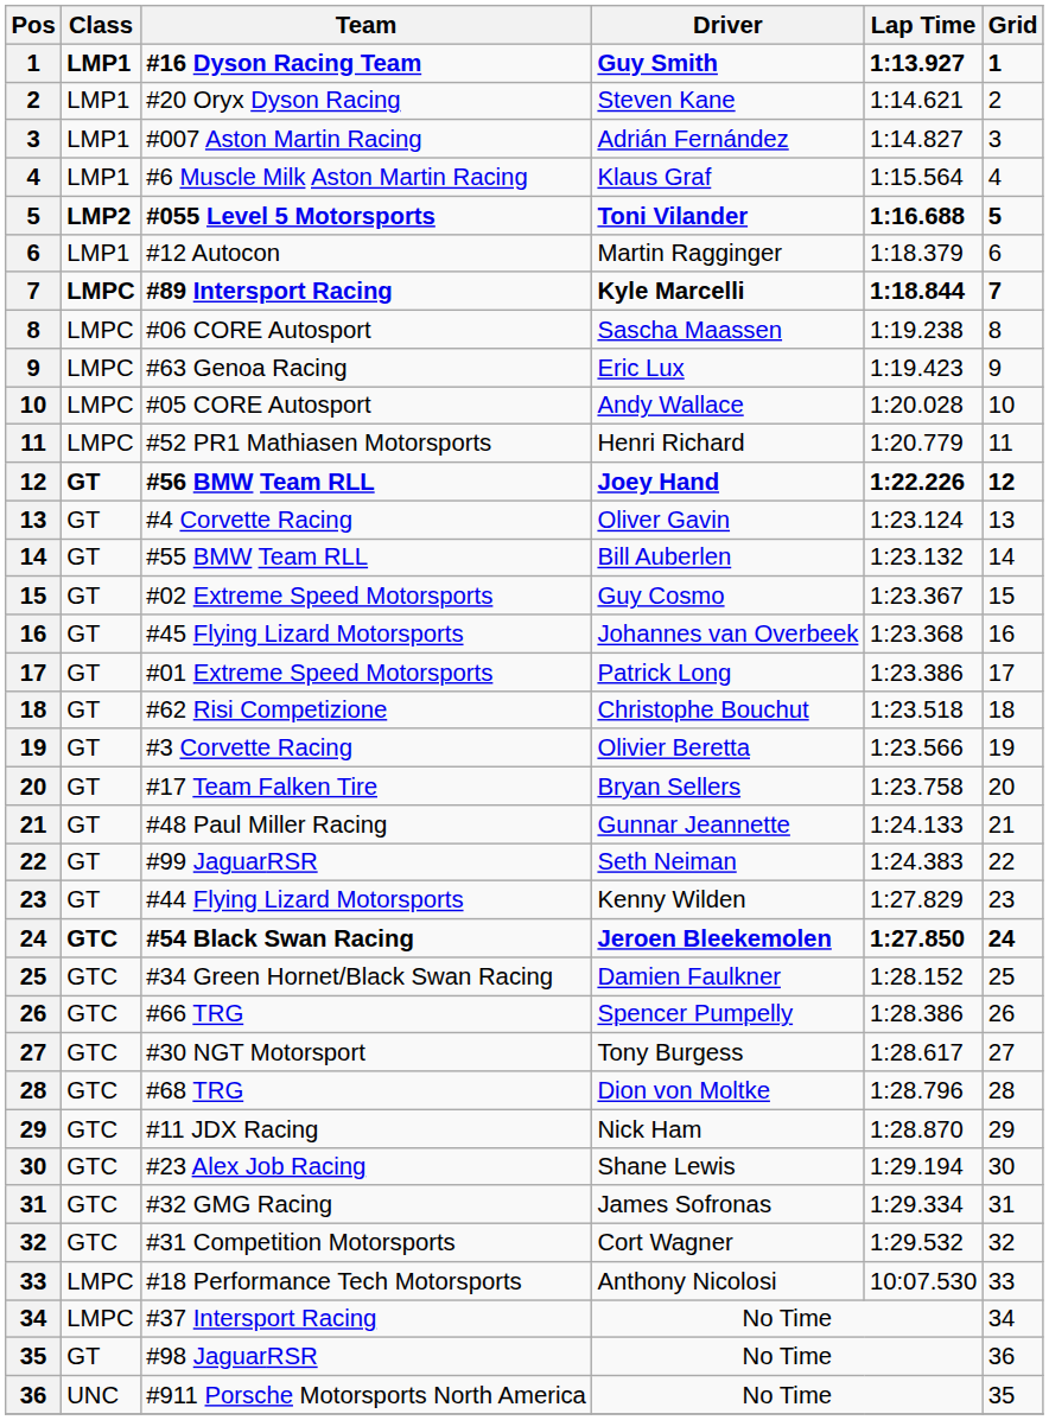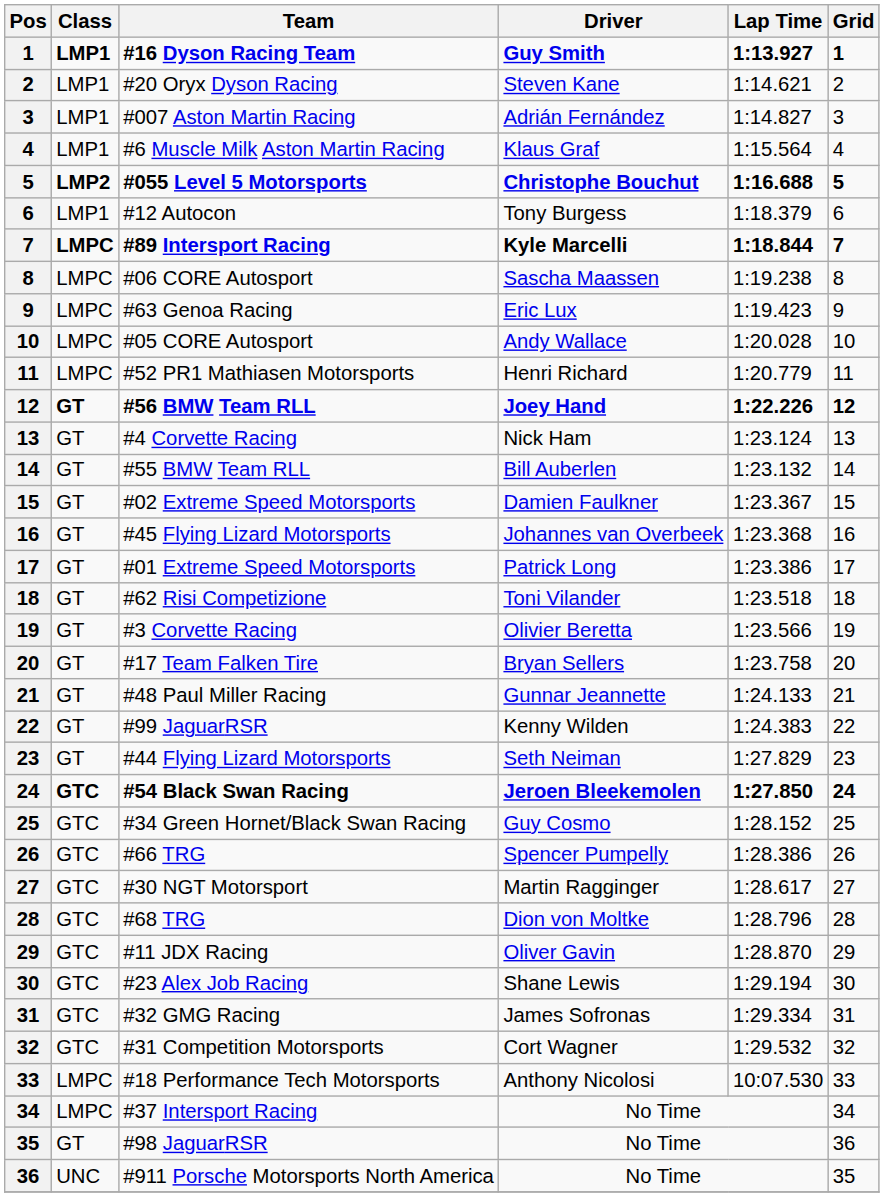 <table class="wikitable" style="font-size: 90%;">
 <tr>
 <th>Pos</th>
 <th>Class</th>
 <th>Team</th>
 <th>Driver</th>
 <th>Lap Time</th>
 <th>Grid</th>
 </tr>
 <tr style="font-weight:bold">
 <th>1</th>
 <td>LMP1</td>
 <td>#16 <a href='#'>Dyson Racing Team</a></td>
 <td><a href='#'>Guy Smith</a></td>
 <td>1:13.927</td>
 <td>1</td>
 </tr>
 <tr>
 <th>2</th>
 <td>LMP1</td>
 <td>#20 Oryx <a href='#'>Dyson Racing</a></td>
 <td><a href='#'>Steven Kane</a></td>
 <td>1:14.621</td>
 <td>2</td>
 </tr>
 <tr>
 <th>3</th>
 <td>LMP1</td>
 <td>#007 <a href='#'>Aston Martin Racing</a></td>
 <td><a href='#'>Adrián Fernández</a></td>
 <td>1:14.827</td>
 <td>3</td>
 </tr>
 <tr>
 <th>4</th>
 <td>LMP1</td>
 <td>#6 <a href='#'>Muscle Milk</a> <a href='#'>Aston Martin Racing</a></td>
 <td><a href='#'>Klaus Graf</a></td>
 <td>1:15.564</td>
 <td>4</td>
 </tr>
 <tr style="font-weight:bold">
 <th>5</th>
 <td>LMP2</td>
 <td>#055 <a href='#'>Level 5 Motorsports</a></td>
-<td><a href='#'>Toni Vilander</a></td>
+<td><a href='#'>Christophe Bouchut</a></td>
 <td>1:16.688</td>
 <td>5</td>
 </tr>
 <tr>
 <th>6</th>
 <td>LMP1</td>
 <td>#12 Autocon</td>
-<td>Martin Ragginger</td>
+<td>Tony Burgess</td>
 <td>1:18.379</td>
 <td>6</td>
 </tr>
 <tr style="font-weight:bold">
 <th>7</th>
 <td>LMPC</td>
 <td>#89 <a href='#'>Intersport Racing</a></td>
 <td>Kyle Marcelli</td>
 <td>1:18.844</td>
 <td>7</td>
 </tr>
 <tr>
 <th>8</th>
 <td>LMPC</td>
 <td>#06 CORE Autosport</td>
 <td><a href='#'>Sascha Maassen</a></td>
 <td>1:19.238</td>
 <td>8</td>
 </tr>
 <tr>
 <th>9</th>
 <td>LMPC</td>
 <td>#63 Genoa Racing</td>
 <td><a href='#'>Eric Lux</a></td>
 <td>1:19.423</td>
 <td>9</td>
 </tr>
 <tr>
 <th>10</th>
 <td>LMPC</td>
 <td>#05 CORE Autosport</td>
 <td><a href='#'>Andy Wallace</a></td>
 <td>1:20.028</td>
 <td>10</td>
 </tr>
 <tr>
 <th>11</th>
 <td>LMPC</td>
 <td>#52 PR1 Mathiasen Motorsports</td>
 <td>Henri Richard</td>
 <td>1:20.779</td>
 <td>11</td>
 </tr>
 <tr style="font-weight:bold">
 <th>12</th>
 <td>GT</td>
 <td>#56 <a href='#'>BMW</a> <a href='#'>Team RLL</a></td>
 <td><a href='#'>Joey Hand</a></td>
 <td>1:22.226</td>
 <td>12</td>
 </tr>
 <tr>
 <th>13</th>
 <td>GT</td>
 <td>#4 <a href='#'>Corvette Racing</a></td>
-<td><a href='#'>Oliver Gavin</a></td>
+<td>Nick Ham</td>
 <td>1:23.124</td>
 <td>13</td>
 </tr>
 <tr>
 <th>14</th>
 <td>GT</td>
 <td>#55 <a href='#'>BMW</a> <a href='#'>Team RLL</a></td>
 <td><a href='#'>Bill Auberlen</a></td>
 <td>1:23.132</td>
 <td>14</td>
 </tr>
 <tr>
 <th>15</th>
 <td>GT</td>
 <td>#02 <a href='#'>Extreme Speed Motorsports</a></td>
-<td><a href='#'>Guy Cosmo</a></td>
+<td><a href='#'>Damien Faulkner</a></td>
 <td>1:23.367</td>
 <td>15</td>
 </tr>
 <tr>
 <th>16</th>
 <td>GT</td>
 <td>#45 <a href='#'>Flying Lizard Motorsports</a></td>
 <td><a href='#'>Johannes van Overbeek</a></td>
 <td>1:23.368</td>
 <td>16</td>
 </tr>
 <tr>
 <th>17</th>
 <td>GT</td>
 <td>#01 <a href='#'>Extreme Speed Motorsports</a></td>
 <td><a href='#'>Patrick Long</a></td>
 <td>1:23.386</td>
 <td>17</td>
 </tr>
 <tr>
 <th>18</th>
 <td>GT</td>
 <td>#62 <a href='#'>Risi Competizione</a></td>
-<td><a href='#'>Christophe Bouchut</a></td>
+<td><a href='#'>Toni Vilander</a></td>
 <td>1:23.518</td>
 <td>18</td>
 </tr>
 <tr>
 <th>19</th>
 <td>GT</td>
 <td>#3 <a href='#'>Corvette Racing</a></td>
 <td><a href='#'>Olivier Beretta</a></td>
 <td>1:23.566</td>
 <td>19</td>
 </tr>
 <tr>
 <th>20</th>
 <td>GT</td>
 <td>#17 <a href='#'>Team Falken Tire</a></td>
 <td><a href='#'>Bryan Sellers</a></td>
 <td>1:23.758</td>
 <td>20</td>
 </tr>
 <tr>
 <th>21</th>
 <td>GT</td>
 <td>#48 Paul Miller Racing</td>
 <td><a href='#'>Gunnar Jeannette</a></td>
 <td>1:24.133</td>
 <td>21</td>
 </tr>
 <tr>
 <th>22</th>
 <td>GT</td>
 <td>#99 <a href='#'>Jaguar</a><a href='#'>RSR</a></td>
-<td><a href='#'>Seth Neiman</a></td>
+<td>Kenny Wilden</td>
 <td>1:24.383</td>
 <td>22</td>
 </tr>
 <tr>
 <th>23</th>
 <td>GT</td>
 <td>#44 <a href='#'>Flying Lizard Motorsports</a></td>
-<td>Kenny Wilden</td>
+<td><a href='#'>Seth Neiman</a></td>
 <td>1:27.829</td>
 <td>23</td>
 </tr>
 <tr style="font-weight:bold">
 <th>24</th>
 <td>GTC</td>
 <td>#54 Black Swan Racing</td>
 <td><a href='#'>Jeroen Bleekemolen</a></td>
 <td>1:27.850</td>
 <td>24</td>
 </tr>
 <tr>
 <th>25</th>
 <td>GTC</td>
 <td>#34 Green Hornet/Black Swan Racing</td>
-<td><a href='#'>Damien Faulkner</a></td>
+<td><a href='#'>Guy Cosmo</a></td>
 <td>1:28.152</td>
 <td>25</td>
 </tr>
 <tr>
 <th>26</th>
 <td>GTC</td>
 <td>#66 <a href='#'>TRG</a></td>
 <td><a href='#'>Spencer Pumpelly</a></td>
 <td>1:28.386</td>
 <td>26</td>
 </tr>
 <tr>
 <th>27</th>
 <td>GTC</td>
 <td>#30 NGT Motorsport</td>
-<td>Tony Burgess</td>
+<td>Martin Ragginger</td>
 <td>1:28.617</td>
 <td>27</td>
 </tr>
 <tr>
 <th>28</th>
 <td>GTC</td>
 <td>#68 <a href='#'>TRG</a></td>
 <td><a href='#'>Dion von Moltke</a></td>
 <td>1:28.796</td>
 <td>28</td>
 </tr>
 <tr>
 <th>29</th>
 <td>GTC</td>
 <td>#11 JDX Racing</td>
-<td>Nick Ham</td>
+<td><a href='#'>Oliver Gavin</a></td>
 <td>1:28.870</td>
 <td>29</td>
 </tr>
 <tr>
 <th>30</th>
 <td>GTC</td>
 <td>#23 <a href='#'>Alex Job Racing</a></td>
 <td>Shane Lewis</td>
 <td>1:29.194</td>
 <td>30</td>
 </tr>
 <tr>
 <th>31</th>
 <td>GTC</td>
 <td>#32 GMG Racing</td>
 <td>James Sofronas</td>
 <td>1:29.334</td>
 <td>31</td>
 </tr>
 <tr>
 <th>32</th>
 <td>GTC</td>
 <td>#31 Competition Motorsports</td>
 <td>Cort Wagner</td>
 <td>1:29.532</td>
 <td>32</td>
 </tr>
 <tr>
 <th>33</th>
 <td>LMPC</td>
 <td>#18 Performance Tech Motorsports</td>
 <td>Anthony Nicolosi</td>
 <td>10:07.530</td>
 <td>33</td>
 </tr>
 <tr>
 <th>34</th>
 <td>LMPC</td>
 <td>#37 <a href='#'>Intersport Racing</a></td>
 <td colspan=2 align="center">No Time</td>
 <td>34</td>
 </tr>
 <tr>
 <th>35</th>
 <td>GT</td>
 <td>#98 <a href='#'>Jaguar</a><a href='#'>RSR</a></td>
 <td colspan=2 align="center">No Time</td>
 <td>36</td>
 </tr>
 <tr>
 <th>36</th>
 <td>UNC</td>
 <td>#911 <a href='#'>Porsche</a> Motorsports North America</td>
 <td colspan=2 align="center">No Time</td>
 <td>35</td>
 </tr>
 <tr>
 </tr>
 </table>
